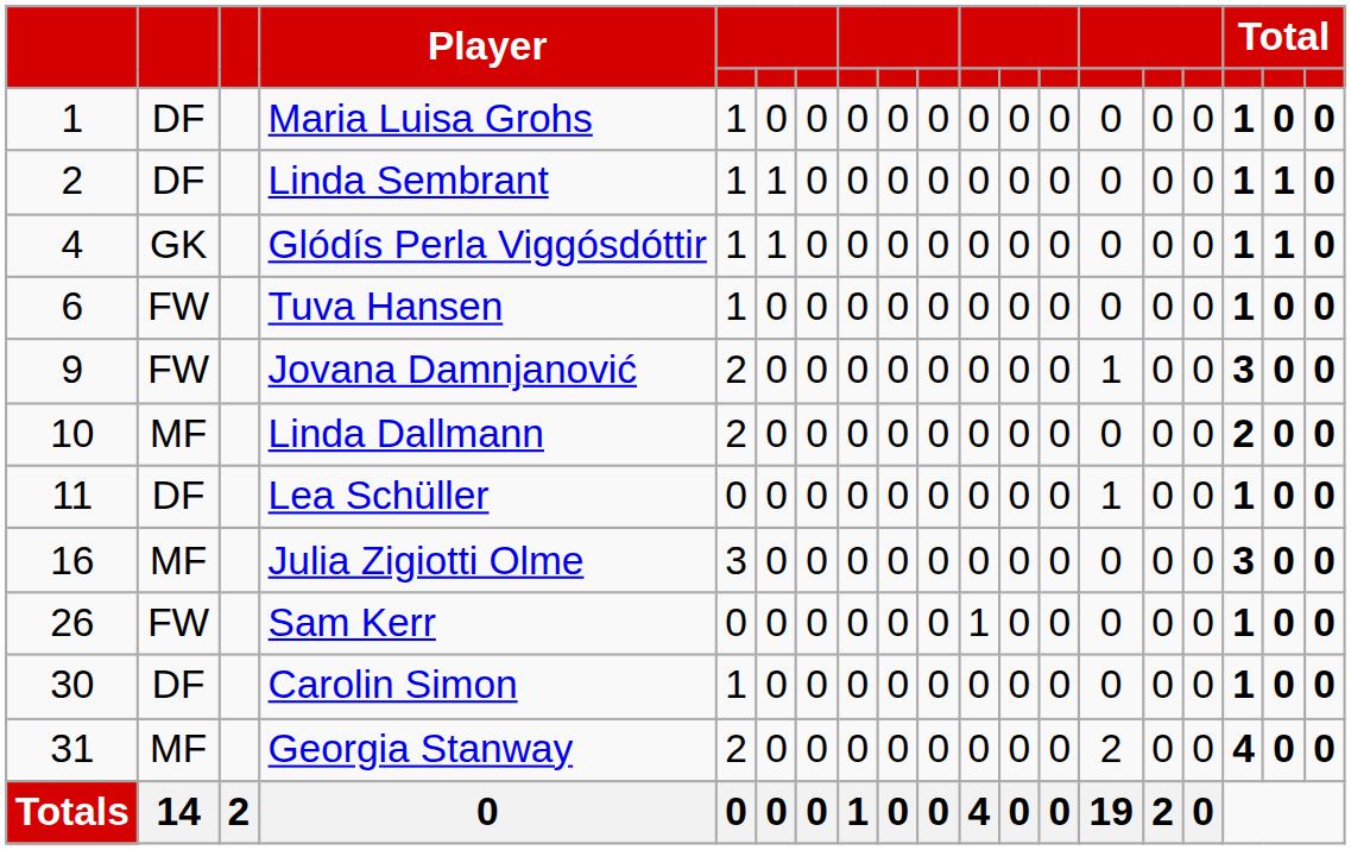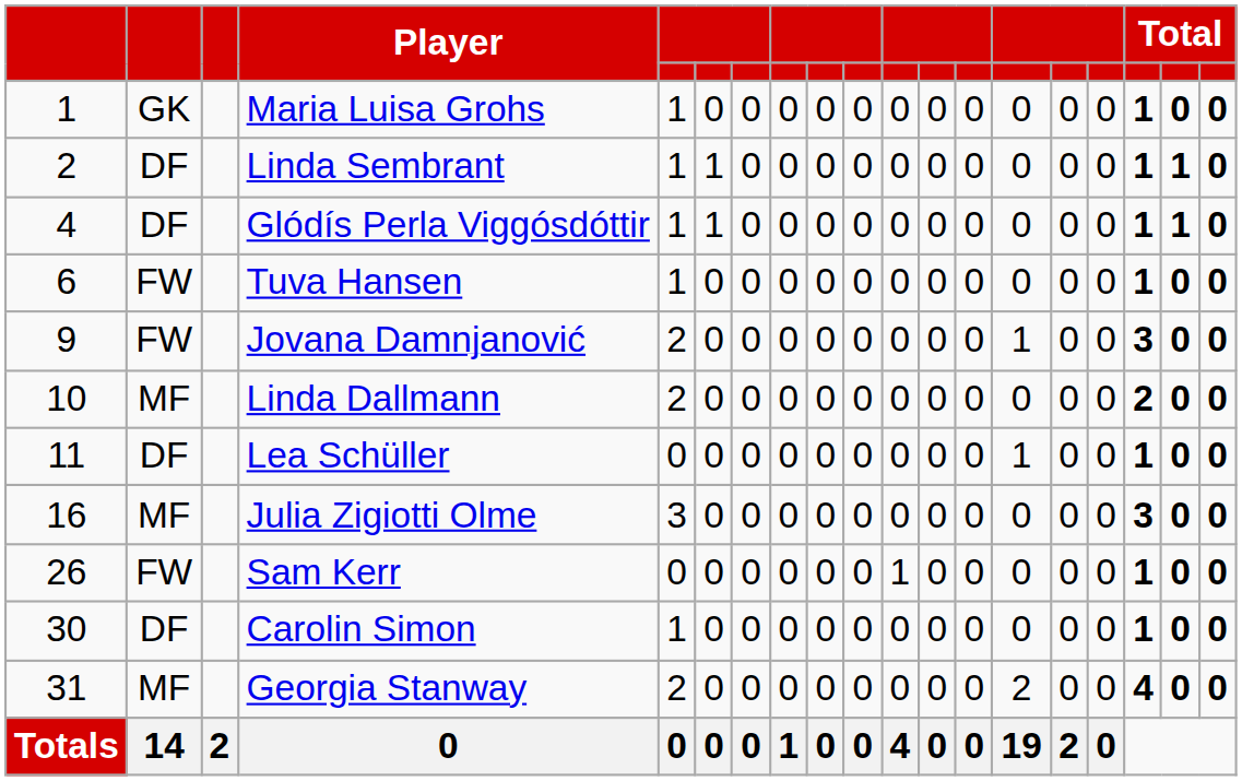 <table class="wikitable" style="text-align:center;">
 <tr>
 <th rowspan=2 style="background:#D50000; color:#FFFFFF; "></th>
 <th rowspan=2 style="background:#D50000; color:#FFFFFF; "></th>
 <th rowspan=2 style="background:#D50000; color:#FFFFFF; "></th>
 <th rowspan=2 style="background:#D50000; color:#FFFFFF; ">Player</th>
 <th colspan=3 style="background:#D50000; color:#FFFFFF; "></th>
 <th colspan=3 style="background:#D50000; color:#FFFFFF; "></th>
 <th colspan=3 style="background:#D50000; color:#FFFFFF; "></th>
 <th colspan=3 style="background:#D50000; color:#FFFFFF; "></th>
 <th colspan=3 style="background:#D50000; color:#FFFFFF; ">Total</th>
 </tr>
 <tr>
 <th style="background:#D50000; color:#FFFFFF; "></th>
 <th style="background:#D50000; color:#FFFFFF; "></th>
 <th style="background:#D50000; color:#FFFFFF; "></th>
 <th style="background:#D50000; color:#FFFFFF; "></th>
 <th style="background:#D50000; color:#FFFFFF; "></th>
 <th style="background:#D50000; color:#FFFFFF; "></th>
 <th style="background:#D50000; color:#FFFFFF; "></th>
 <th style="background:#D50000; color:#FFFFFF; "></th>
 <th style="background:#D50000; color:#FFFFFF; "></th>
 <th style="background:#D50000; color:#FFFFFF; "></th>
 <th style="background:#D50000; color:#FFFFFF; "></th>
 <th style="background:#D50000; color:#FFFFFF; "></th>
 <th style="background:#D50000; color:#FFFFFF; "></th>
 <th style="background:#D50000; color:#FFFFFF; "></th>
 <th style="background:#D50000; color:#FFFFFF; "></th>
 </tr>
 <tr>
 <td>1</td>
-<td>DF</td>
+<td>GK</td>
 <td></td>
 <td align="left"><a href='#'>Maria Luisa Grohs</a></td>
 <td>1</td>
 <td>0</td>
 <td>0</td>
 <td>0</td>
 <td>0</td>
 <td>0</td>
 <td>0</td>
 <td>0</td>
 <td>0</td>
 <td>0</td>
 <td>0</td>
 <td>0</td>
 <td><strong>1</strong></td>
 <td><strong>0</strong></td>
 <td><strong>0</strong></td>
 </tr>
 <tr>
 <td>2</td>
 <td>DF</td>
 <td></td>
 <td align="left"><a href='#'>Linda Sembrant</a></td>
 <td>1</td>
 <td>1</td>
 <td>0</td>
 <td>0</td>
 <td>0</td>
 <td>0</td>
 <td>0</td>
 <td>0</td>
 <td>0</td>
 <td>0</td>
 <td>0</td>
 <td>0</td>
 <td><strong>1</strong></td>
 <td><strong>1</strong></td>
 <td><strong>0</strong></td>
 </tr>
 <tr>
 <td>4</td>
-<td>GK</td>
+<td>DF</td>
 <td></td>
 <td align="left"><a href='#'>Glódís Perla Viggósdóttir</a></td>
 <td>1</td>
 <td>1</td>
 <td>0</td>
 <td>0</td>
 <td>0</td>
 <td>0</td>
 <td>0</td>
 <td>0</td>
 <td>0</td>
 <td>0</td>
 <td>0</td>
 <td>0</td>
 <td><strong>1</strong></td>
 <td><strong>1</strong></td>
 <td><strong>0</strong></td>
 </tr>
 <tr>
 <td>6</td>
 <td>FW</td>
 <td></td>
 <td align="left"><a href='#'>Tuva Hansen</a></td>
 <td>1</td>
 <td>0</td>
 <td>0</td>
 <td>0</td>
 <td>0</td>
 <td>0</td>
 <td>0</td>
 <td>0</td>
 <td>0</td>
 <td>0</td>
 <td>0</td>
 <td>0</td>
 <td><strong>1</strong></td>
 <td><strong>0</strong></td>
 <td><strong>0</strong></td>
 </tr>
 <tr>
 <td>9</td>
 <td>FW</td>
 <td></td>
 <td align="left"><a href='#'>Jovana Damnjanović</a></td>
 <td>2</td>
 <td>0</td>
 <td>0</td>
 <td>0</td>
 <td>0</td>
 <td>0</td>
 <td>0</td>
 <td>0</td>
 <td>0</td>
 <td>1</td>
 <td>0</td>
 <td>0</td>
 <td><strong>3</strong></td>
 <td><strong>0</strong></td>
 <td><strong>0</strong></td>
 </tr>
 <tr>
 <td>10</td>
 <td>MF</td>
 <td></td>
 <td align="left"><a href='#'>Linda Dallmann</a></td>
 <td>2</td>
 <td>0</td>
 <td>0</td>
 <td>0</td>
 <td>0</td>
 <td>0</td>
 <td>0</td>
 <td>0</td>
 <td>0</td>
 <td>0</td>
 <td>0</td>
 <td>0</td>
 <td><strong>2</strong></td>
 <td><strong>0</strong></td>
 <td><strong>0</strong></td>
 </tr>
 <tr>
 <td>11</td>
 <td>DF</td>
 <td></td>
 <td align="left"><a href='#'>Lea Schüller</a></td>
 <td>0</td>
 <td>0</td>
 <td>0</td>
 <td>0</td>
 <td>0</td>
 <td>0</td>
 <td>0</td>
 <td>0</td>
 <td>0</td>
 <td>1</td>
 <td>0</td>
 <td>0</td>
 <td><strong>1</strong></td>
 <td><strong>0</strong></td>
 <td><strong>0</strong></td>
 </tr>
 <tr>
 <td>16</td>
 <td>MF</td>
 <td></td>
 <td align="left"><a href='#'>Julia Zigiotti Olme</a></td>
 <td>3</td>
 <td>0</td>
 <td>0</td>
 <td>0</td>
 <td>0</td>
 <td>0</td>
 <td>0</td>
 <td>0</td>
 <td>0</td>
 <td>0</td>
 <td>0</td>
 <td>0</td>
 <td><strong>3</strong></td>
 <td><strong>0</strong></td>
 <td><strong>0</strong></td>
 </tr>
 <tr>
 <td>26</td>
 <td>FW</td>
 <td></td>
 <td align="left"><a href='#'>Sam Kerr</a></td>
 <td>0</td>
 <td>0</td>
 <td>0</td>
 <td>0</td>
 <td>0</td>
 <td>0</td>
 <td>1</td>
 <td>0</td>
 <td>0</td>
 <td>0</td>
 <td>0</td>
 <td>0</td>
 <td><strong>1</strong></td>
 <td><strong>0</strong></td>
 <td><strong>0</strong></td>
 </tr>
 <tr>
 <td>30</td>
 <td>DF</td>
 <td></td>
 <td align="left"><a href='#'>Carolin Simon</a></td>
 <td>1</td>
 <td>0</td>
 <td>0</td>
 <td>0</td>
 <td>0</td>
 <td>0</td>
 <td>0</td>
 <td>0</td>
 <td>0</td>
 <td>0</td>
 <td>0</td>
 <td>0</td>
 <td><strong>1</strong></td>
 <td><strong>0</strong></td>
 <td><strong>0</strong></td>
 </tr>
 <tr>
 <td>31</td>
 <td>MF</td>
 <td></td>
 <td align="left"><a href='#'>Georgia Stanway</a></td>
 <td>2</td>
 <td>0</td>
 <td>0</td>
 <td>0</td>
 <td>0</td>
 <td>0</td>
 <td>0</td>
 <td>0</td>
 <td>0</td>
 <td>2</td>
 <td>0</td>
 <td>0</td>
 <td><strong>4</strong></td>
 <td><strong>0</strong></td>
 <td><strong>0</strong></td>
 </tr>
 <tr>
 <th style="background:#D50000; color:#FFFFFF; ">Totals</th>
 <th>14</th>
 <th>2</th>
 <th>0</th>
 <th>0</th>
 <th>0</th>
 <th>0</th>
 <th>1</th>
 <th>0</th>
 <th>0</th>
 <th>4</th>
 <th>0</th>
 <th>0</th>
 <th><strong>19</strong></th>
 <th><strong>2</strong></th>
 <th><strong>0</strong></th>
 </tr>
 </table>
